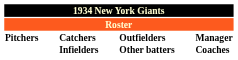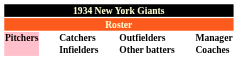 <table class="toccolours" style="font-size: 95%;">
 <tr>
 <th colspan="10" style="background-color: black; color: #FFFDD0; text-align: center;">1934 New York Giants</th>
 </tr>
 <tr>
 <td colspan="10" style="background-color: #fd5a1e; color: #FFFDD0; text-align: center;"><strong>Roster</strong></td>
 </tr>
 <tr>
-<td valign="top"><strong>Pitchers</strong><br>          </td>
+<td valign="top" style="background: pink;"><strong>Pitchers</strong><br>          </td>
 <td width="25px"></td>
 <td valign="top"><strong>Catchers</strong><br>   <strong>Infielders</strong>      </td>
 <td width="25px"></td>
 <td valign="top"><strong>Outfielders</strong><br>       <strong>Other batters</strong> </td>
 <td width="25px"></td>
 <td valign="top"><strong>Manager</strong><br> <strong>Coaches</strong>  </td>
 </tr>
 </table>
